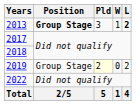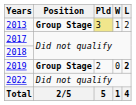 <table class="wikitable">
 <tr>
 <th>Years</th>
 <th>Position</th>
 <th>Pld</th>
 <th>W</th>
 <th>L</th>
 </tr>
 <tr>
 <td> <a href='#'>2013</a></td>
 <td><strong>Group Stage</strong></td>
-<td>3</td>
+<td style="background: khaki;">3</td>
 <td>1</td>
-<td><strong>2</strong></td>
+<td>2</td>
 </tr>
 <tr>
 <td> <a href='#'>2017</a></td>
 <td colspan="4" rowspan="2"><em>Did not qualify</em></td>
 </tr>
 <tr>
 <td> <a href='#'>2018</a></td>
 </tr>
 <tr>
 <td> <a href='#'>2019</a></td>
-<td>Group Stage</td>
-<td style="background: lightyellow;">2</td>
+<td><strong>Group Stage</strong></td>
+<td>2</td>
 <td>0</td>
-<td>2</td>
+<td><strong>2</strong></td>
 </tr>
 <tr>
 <td> <a href='#'>2022</a></td>
 <td colspan="4"><em>Did not qualify</em></td>
 </tr>
 <tr>
 <th>Total</th>
 <th>2/5</th>
 <th>5</th>
 <th>1</th>
 <th>4</th>
 </tr>
 </table>
